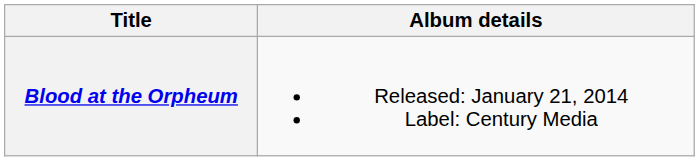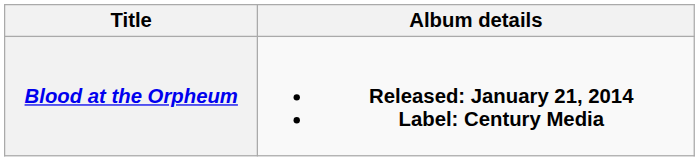 <table class="wikitable plainrowheaders" style="text-align:center;">
 <tr>
 <th scope="col" style="width:12em;">Title</th>
 <th scope="col" style="width:21em;">Album details</th>
 </tr>
 <tr>
 <th scope="row"><em><a href='#'>Blood at the Orpheum</a></em></th>
-<td><br><ul><li>Released: January 21, 2014</li><li>Label: Century Media</li></ul></td>
+<td><strong><br><ul><li>Released: January 21, 2014</li><li>Label: Century Media</li></ul></strong></td>
 </tr>
 </table>
